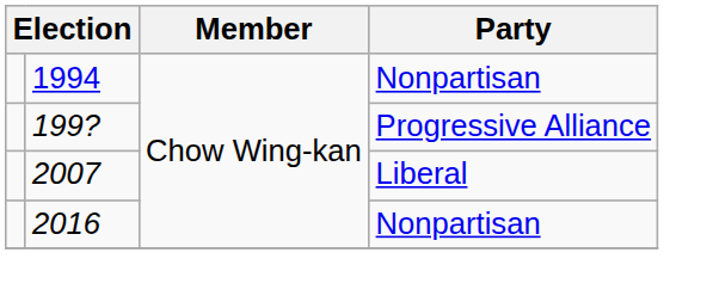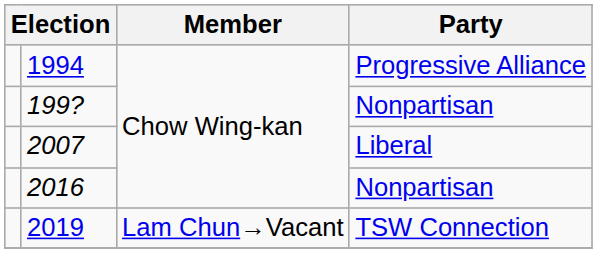 <table class="wikitable">
 <tr>
 <th colspan="2">Election</th>
 <th>Member</th>
 <th>Party</th>
 </tr>
 <tr>
 <td style="color:inherit;background:"></td>
 <td><a href='#'>1994</a></td>
 <td rowspan=4>Chow Wing-kan</td>
-<td><a href='#'>Nonpartisan</a></td>
+<td><a href='#'>Progressive Alliance</a></td>
 </tr>
 <tr>
 <td style="color:inherit;background:"></td>
 <td><em>199?</em></td>
-<td><a href='#'>Progressive Alliance</a></td>
+<td><a href='#'>Nonpartisan</a></td>
 </tr>
 <tr>
 <td style="color:inherit;background:"></td>
 <td><em>2007</em></td>
 <td><a href='#'>Liberal</a></td>
 </tr>
 <tr>
 <td style="color:inherit;background:"></td>
 <td><em>2016</em></td>
 <td><a href='#'>Nonpartisan</a></td>
 </tr>
 <tr>
+<td style="color:inherit;background:"></td>
+<td><a href='#'>2019</a></td>
+<td><a href='#'>Lam Chun</a>→Vacant</td>
+<td><a href='#'>TSW Connection</a></td>
+</tr>
+<tr>
 </tr>
 </table>
